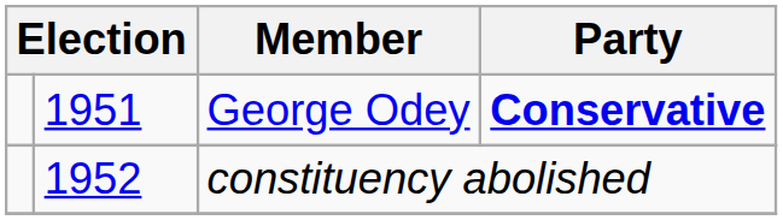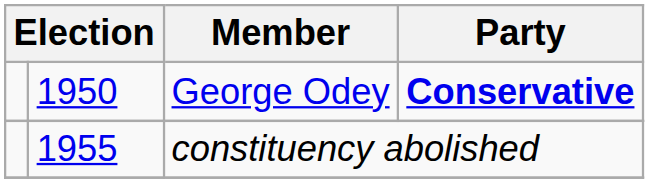 <table class="wikitable">
 <tr>
 <th colspan="2">Election</th>
 <th>Member</th>
 <th>Party</th>
 </tr>
 <tr>
 <td style="color:inherit;background-color: "></td>
-<td><a href='#'>1951</a></td>
+<td><a href='#'>1950</a></td>
 <td><a href='#'>George Odey</a></td>
 <td><strong><a href='#'>Conservative</a></strong></td>
 </tr>
 <tr>
 </tr>
 <tr>
 <td></td>
-<td><a href='#'>1952</a></td>
+<td><a href='#'>1955</a></td>
 <td colspan="2"><em>constituency abolished</em></td>
 </tr>
 <tr>
 </tr>
 </table>
